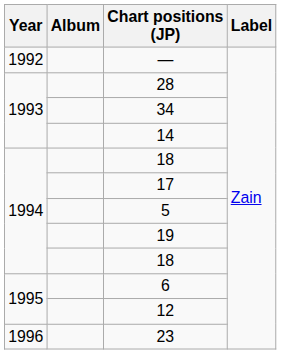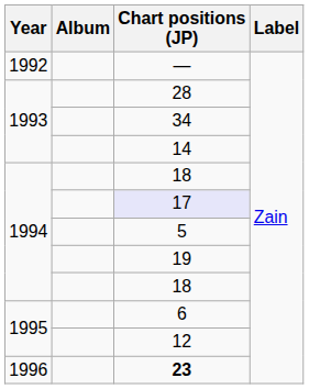 <table class="wikitable">
 <tr>
 <th>Year</th>
 <th>Album</th>
 <th>Chart positions<br>(JP)</th>
 <th>Label</th>
 </tr>
 <tr>
 <td>1992</td>
 <td></td>
 <td align="center">—</td>
 <td rowspan="12"><a href='#'>Zain</a></td>
 </tr>
 <tr>
 <td rowspan="3">1993</td>
 <td></td>
 <td align="center">28</td>
 </tr>
 <tr>
 <td></td>
 <td align="center">34</td>
 </tr>
 <tr>
 <td></td>
 <td align="center">14</td>
 </tr>
 <tr>
 <td rowspan="5">1994</td>
 <td></td>
 <td align="center">18</td>
 </tr>
 <tr>
 <td></td>
-<td align="center">17</td>
+<td align="center" style="background: lavender;">17</td>
 </tr>
 <tr>
 <td></td>
 <td align="center">5</td>
 </tr>
 <tr>
 <td></td>
 <td align="center">19</td>
 </tr>
 <tr>
 <td></td>
 <td align="center">18</td>
 </tr>
 <tr>
 <td rowspan="2">1995</td>
 <td></td>
 <td align="center">6</td>
 </tr>
 <tr>
 <td></td>
 <td align="center">12</td>
 </tr>
 <tr>
 <td>1996</td>
 <td></td>
-<td align="center">23</td>
+<td align="center"><strong>23</strong></td>
 </tr>
 </table>
